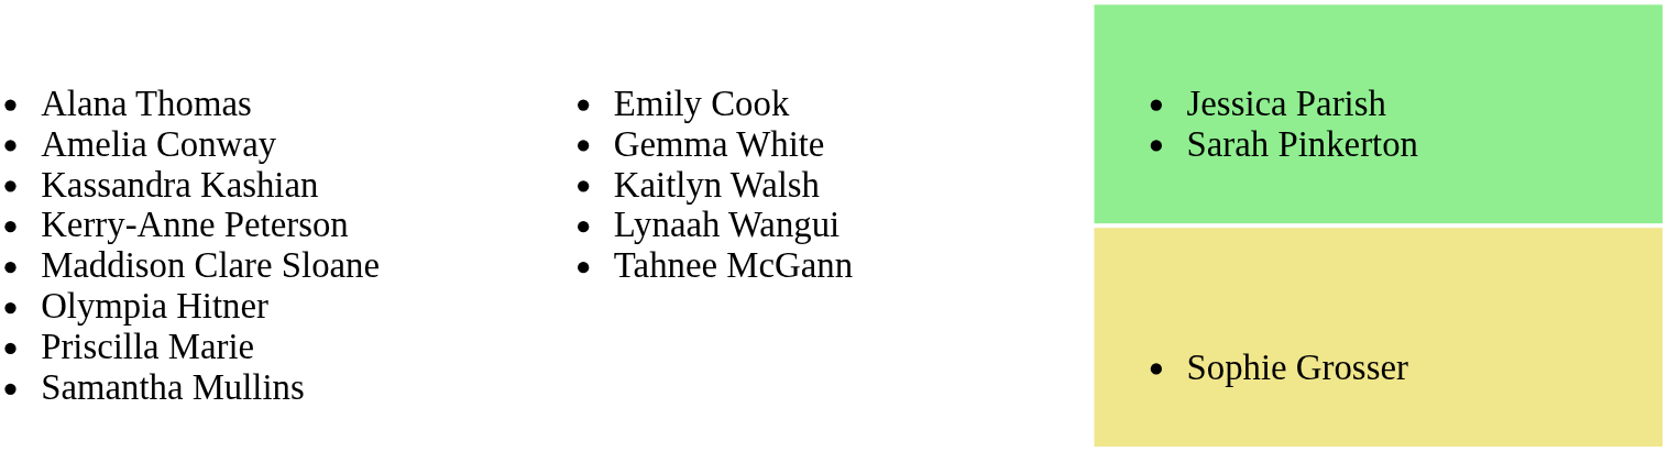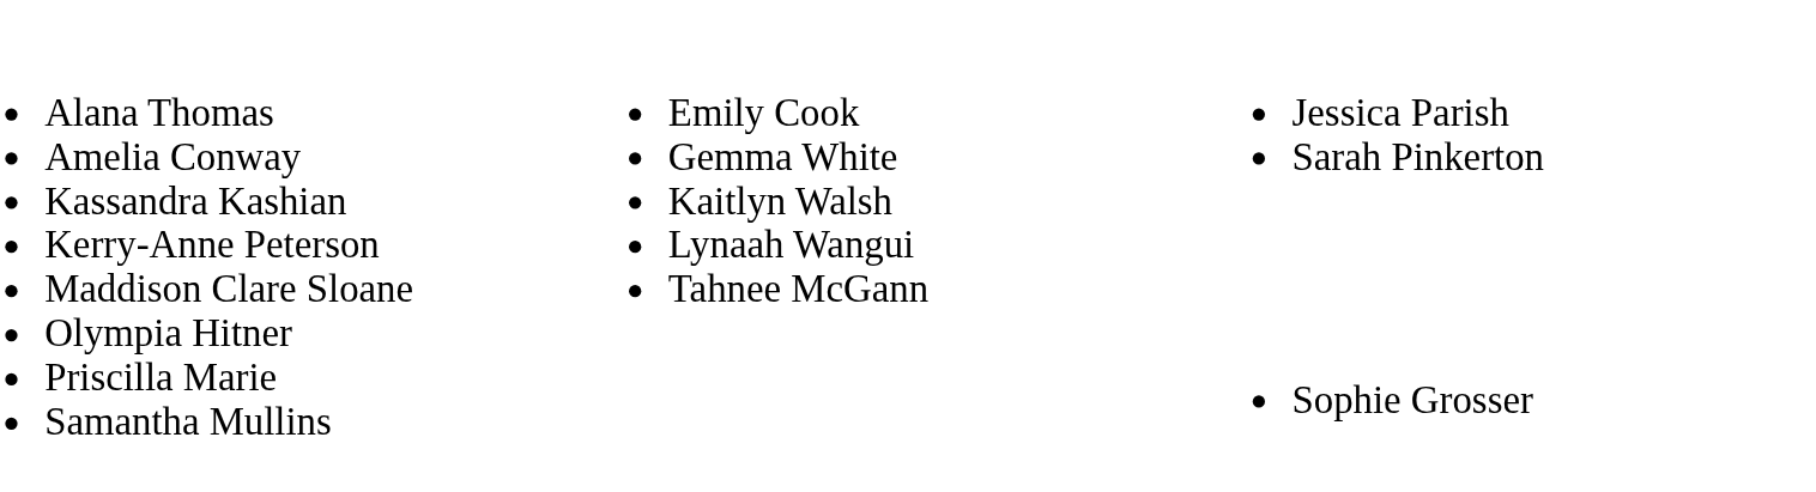 <table>
 <tr>
 <td width=250px><strong></strong></td>
 <td width=250px><strong></strong></td>
 <td width=250px><strong></strong></td>
 </tr>
 <tr style="vertical-align: top;"|>
 <td rowspan=2><br><ul><li>Alana Thomas</li><li>Amelia Conway</li><li>Kassandra Kashian</li><li>Kerry-Anne Peterson</li><li>Maddison Clare Sloane</li><li>Olympia Hitner</li><li>Priscilla Marie</li><li>Samantha Mullins</li></ul></td>
 <td rowspan=2><br><ul><li>Emily Cook</li><li>Gemma White</li><li>Kaitlyn Walsh</li><li>Lynaah Wangui</li><li>Tahnee McGann</li></ul></td>
-<td style="background: lightgreen;"><br><ul><li>Jessica Parish</li><li>Sarah Pinkerton</li></ul></td>
+<td><br><ul><li>Jessica Parish</li><li>Sarah Pinkerton</li></ul></td>
 </tr>
 <tr style="vertical-align: top;"|>
-<td style="background: khaki;"><strong></strong><br><br><ul><li>Sophie Grosser</li></ul></td>
+<td><strong></strong><br><br><ul><li>Sophie Grosser</li></ul></td>
 </tr>
 </table>
